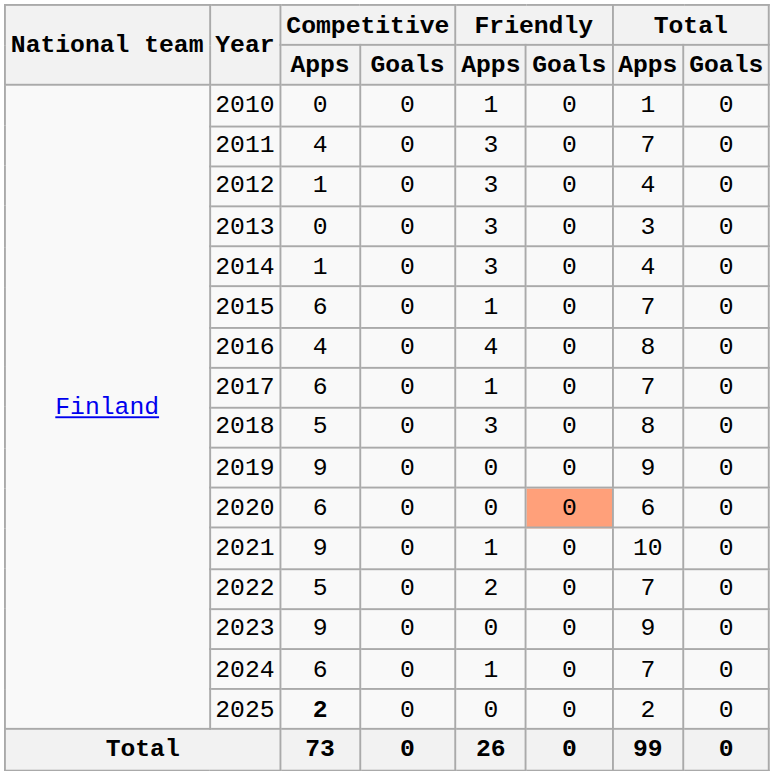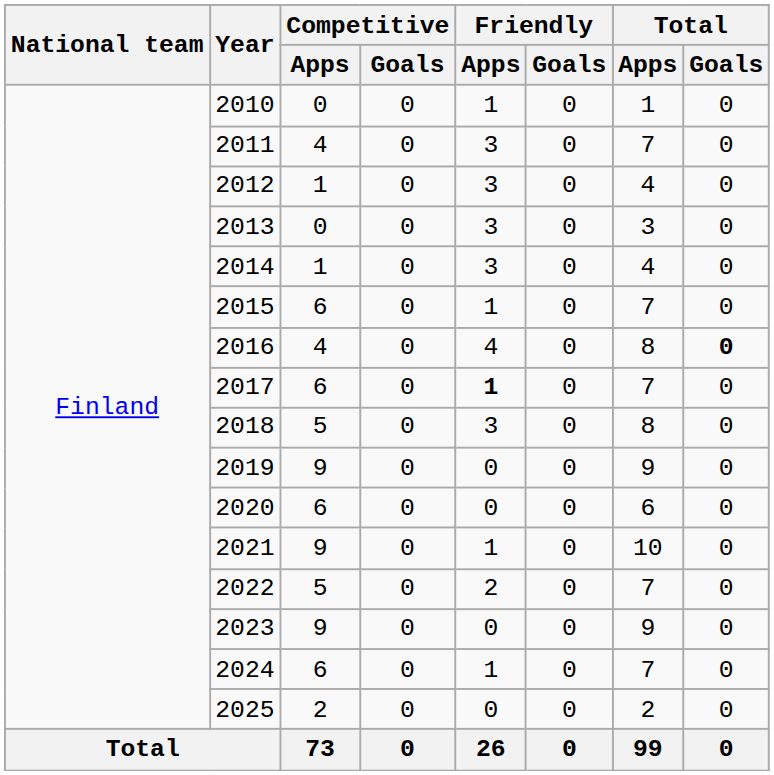 <table class="wikitable" style="text-align:center">
 <tr>
 <th rowspan="2">National team</th>
 <th rowspan="2">Year</th>
 <th colspan="2">Competitive</th>
 <th colspan="2">Friendly</th>
 <th colspan="2">Total</th>
 </tr>
 <tr>
 <th>Apps</th>
 <th>Goals</th>
 <th>Apps</th>
 <th>Goals</th>
 <th>Apps</th>
 <th>Goals</th>
 </tr>
 <tr>
 <td rowspan="16"><a href='#'>Finland</a></td>
 <td>2010</td>
 <td>0</td>
 <td>0</td>
 <td>1</td>
 <td>0</td>
 <td>1</td>
 <td>0</td>
 </tr>
 <tr>
 <td>2011</td>
 <td>4</td>
 <td>0</td>
 <td>3</td>
 <td>0</td>
 <td>7</td>
 <td>0</td>
 </tr>
 <tr>
 <td>2012</td>
 <td>1</td>
 <td>0</td>
 <td>3</td>
 <td>0</td>
 <td>4</td>
 <td>0</td>
 </tr>
 <tr>
 <td>2013</td>
 <td>0</td>
 <td>0</td>
 <td>3</td>
 <td>0</td>
 <td>3</td>
 <td>0</td>
 </tr>
 <tr>
 <td>2014</td>
 <td>1</td>
 <td>0</td>
 <td>3</td>
 <td>0</td>
 <td>4</td>
 <td>0</td>
 </tr>
 <tr>
 <td>2015</td>
 <td>6</td>
 <td>0</td>
 <td>1</td>
 <td>0</td>
 <td>7</td>
 <td>0</td>
 </tr>
 <tr>
 <td>2016</td>
 <td>4</td>
 <td>0</td>
 <td>4</td>
 <td>0</td>
 <td>8</td>
-<td>0</td>
+<td><strong>0</strong></td>
 </tr>
 <tr>
 <td>2017</td>
 <td>6</td>
 <td>0</td>
-<td>1</td>
+<td><strong>1</strong></td>
 <td>0</td>
 <td>7</td>
 <td>0</td>
 </tr>
 <tr>
 <td>2018</td>
 <td>5</td>
 <td>0</td>
 <td>3</td>
 <td>0</td>
 <td>8</td>
 <td>0</td>
 </tr>
 <tr>
 <td>2019</td>
 <td>9</td>
 <td>0</td>
 <td>0</td>
 <td>0</td>
 <td>9</td>
 <td>0</td>
 </tr>
 <tr>
 <td>2020</td>
 <td>6</td>
 <td>0</td>
 <td>0</td>
-<td style="background: lightsalmon;">0</td>
+<td>0</td>
 <td>6</td>
 <td>0</td>
 </tr>
 <tr>
 <td>2021</td>
 <td>9</td>
 <td>0</td>
 <td>1</td>
 <td>0</td>
 <td>10</td>
 <td>0</td>
 </tr>
 <tr>
 <td>2022</td>
 <td>5</td>
 <td>0</td>
 <td>2</td>
 <td>0</td>
 <td>7</td>
 <td>0</td>
 </tr>
 <tr>
 <td>2023</td>
 <td>9</td>
 <td>0</td>
 <td>0</td>
 <td>0</td>
 <td>9</td>
 <td>0</td>
 </tr>
 <tr>
 <td>2024</td>
 <td>6</td>
 <td>0</td>
 <td>1</td>
 <td>0</td>
 <td>7</td>
 <td>0</td>
 </tr>
 <tr>
 <td>2025</td>
-<td><strong>2</strong></td>
+<td>2</td>
 <td>0</td>
 <td>0</td>
 <td>0</td>
 <td>2</td>
 <td>0</td>
 </tr>
 <tr>
 <th colspan="2">Total</th>
 <th>73</th>
 <th>0</th>
 <th>26</th>
 <th>0</th>
 <th>99</th>
 <th>0</th>
 </tr>
 </table>
